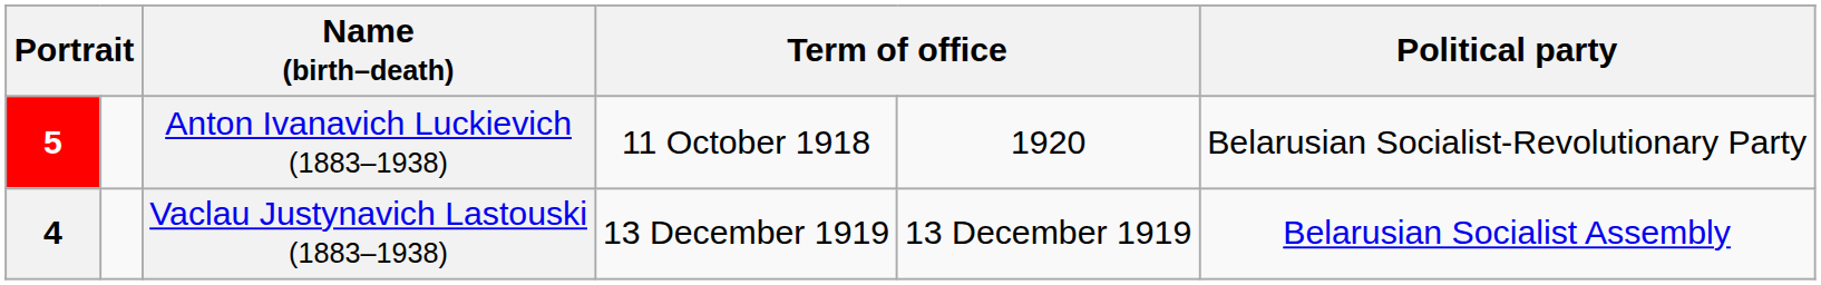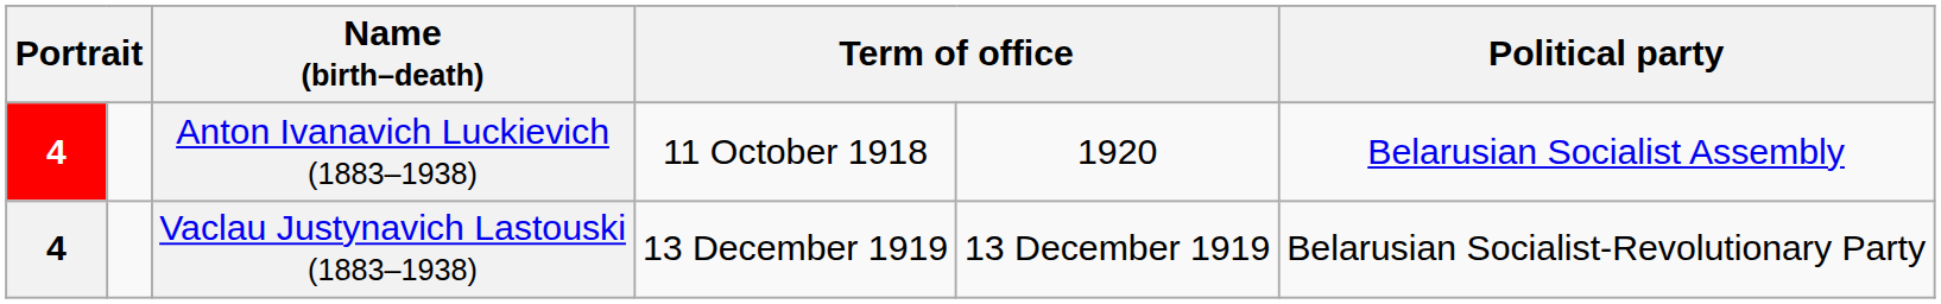 <table class="wikitable" style="text-align:center; margin-left: auto; margin-right: auto; border: none;">
 <tr>
 <th colspan=2>Portrait</th>
 <th>Name<br><small>(birth–death)</small></th>
 <th colspan="2">Term of office</th>
 <th>Political party</th>
 </tr>
 <tr>
-<th style="background:red; color:white;">5</th>
+<th style="background:red; color:white;">4</th>
 <td></td>
 <th scope="row" style="font-weight:normal;"><a href='#'>Anton Ivanavich Luckievich</a><br><small>(1883–1938)</small></th>
 <td>11 October 1918</td>
 <td>1920</td>
-<td>Belarusian Socialist-Revolutionary Party</td>
+<td><a href='#'>Belarusian Socialist Assembly</a></td>
 </tr>
 <tr>
 <th style="background:">4</th>
 <td></td>
 <th scope="row" style="font-weight:normal;"><a href='#'>Vaclau Justynavich Lastouski</a><br><small>(1883–1938)</small></th>
 <td>13 December 1919</td>
 <td>13 December 1919</td>
-<td><a href='#'>Belarusian Socialist Assembly</a></td>
+<td>Belarusian Socialist-Revolutionary Party</td>
 </tr>
 </table>
